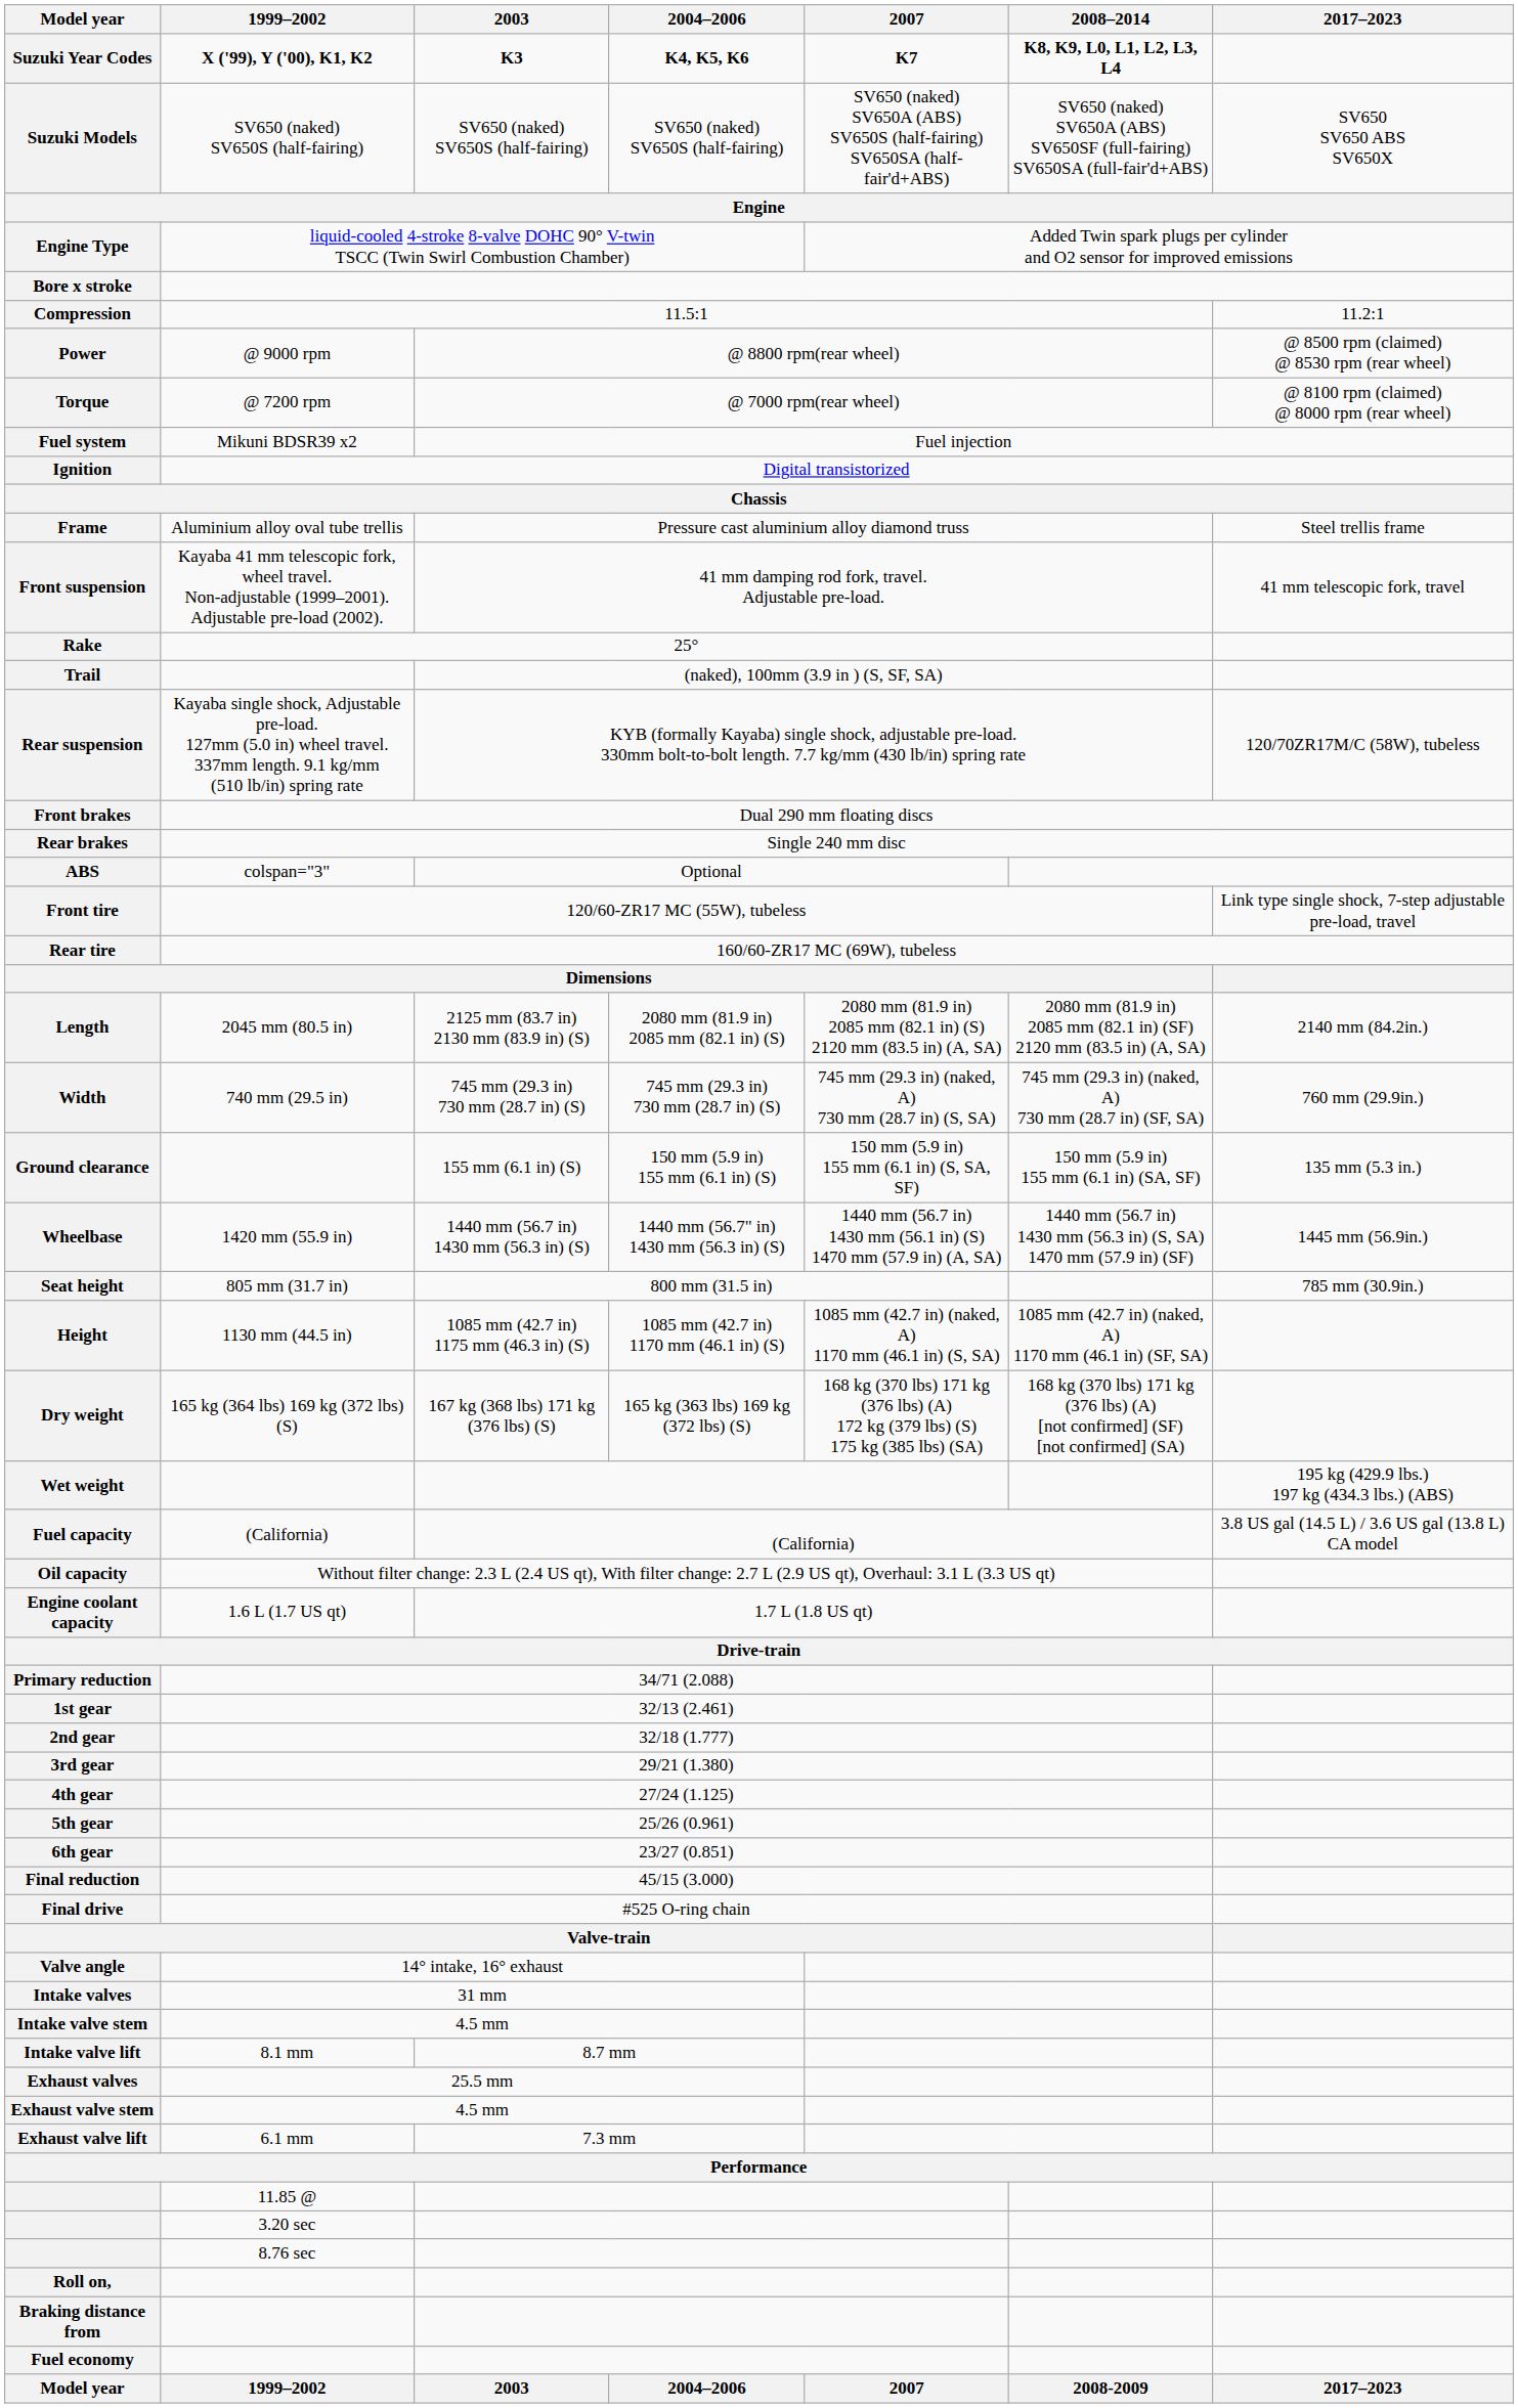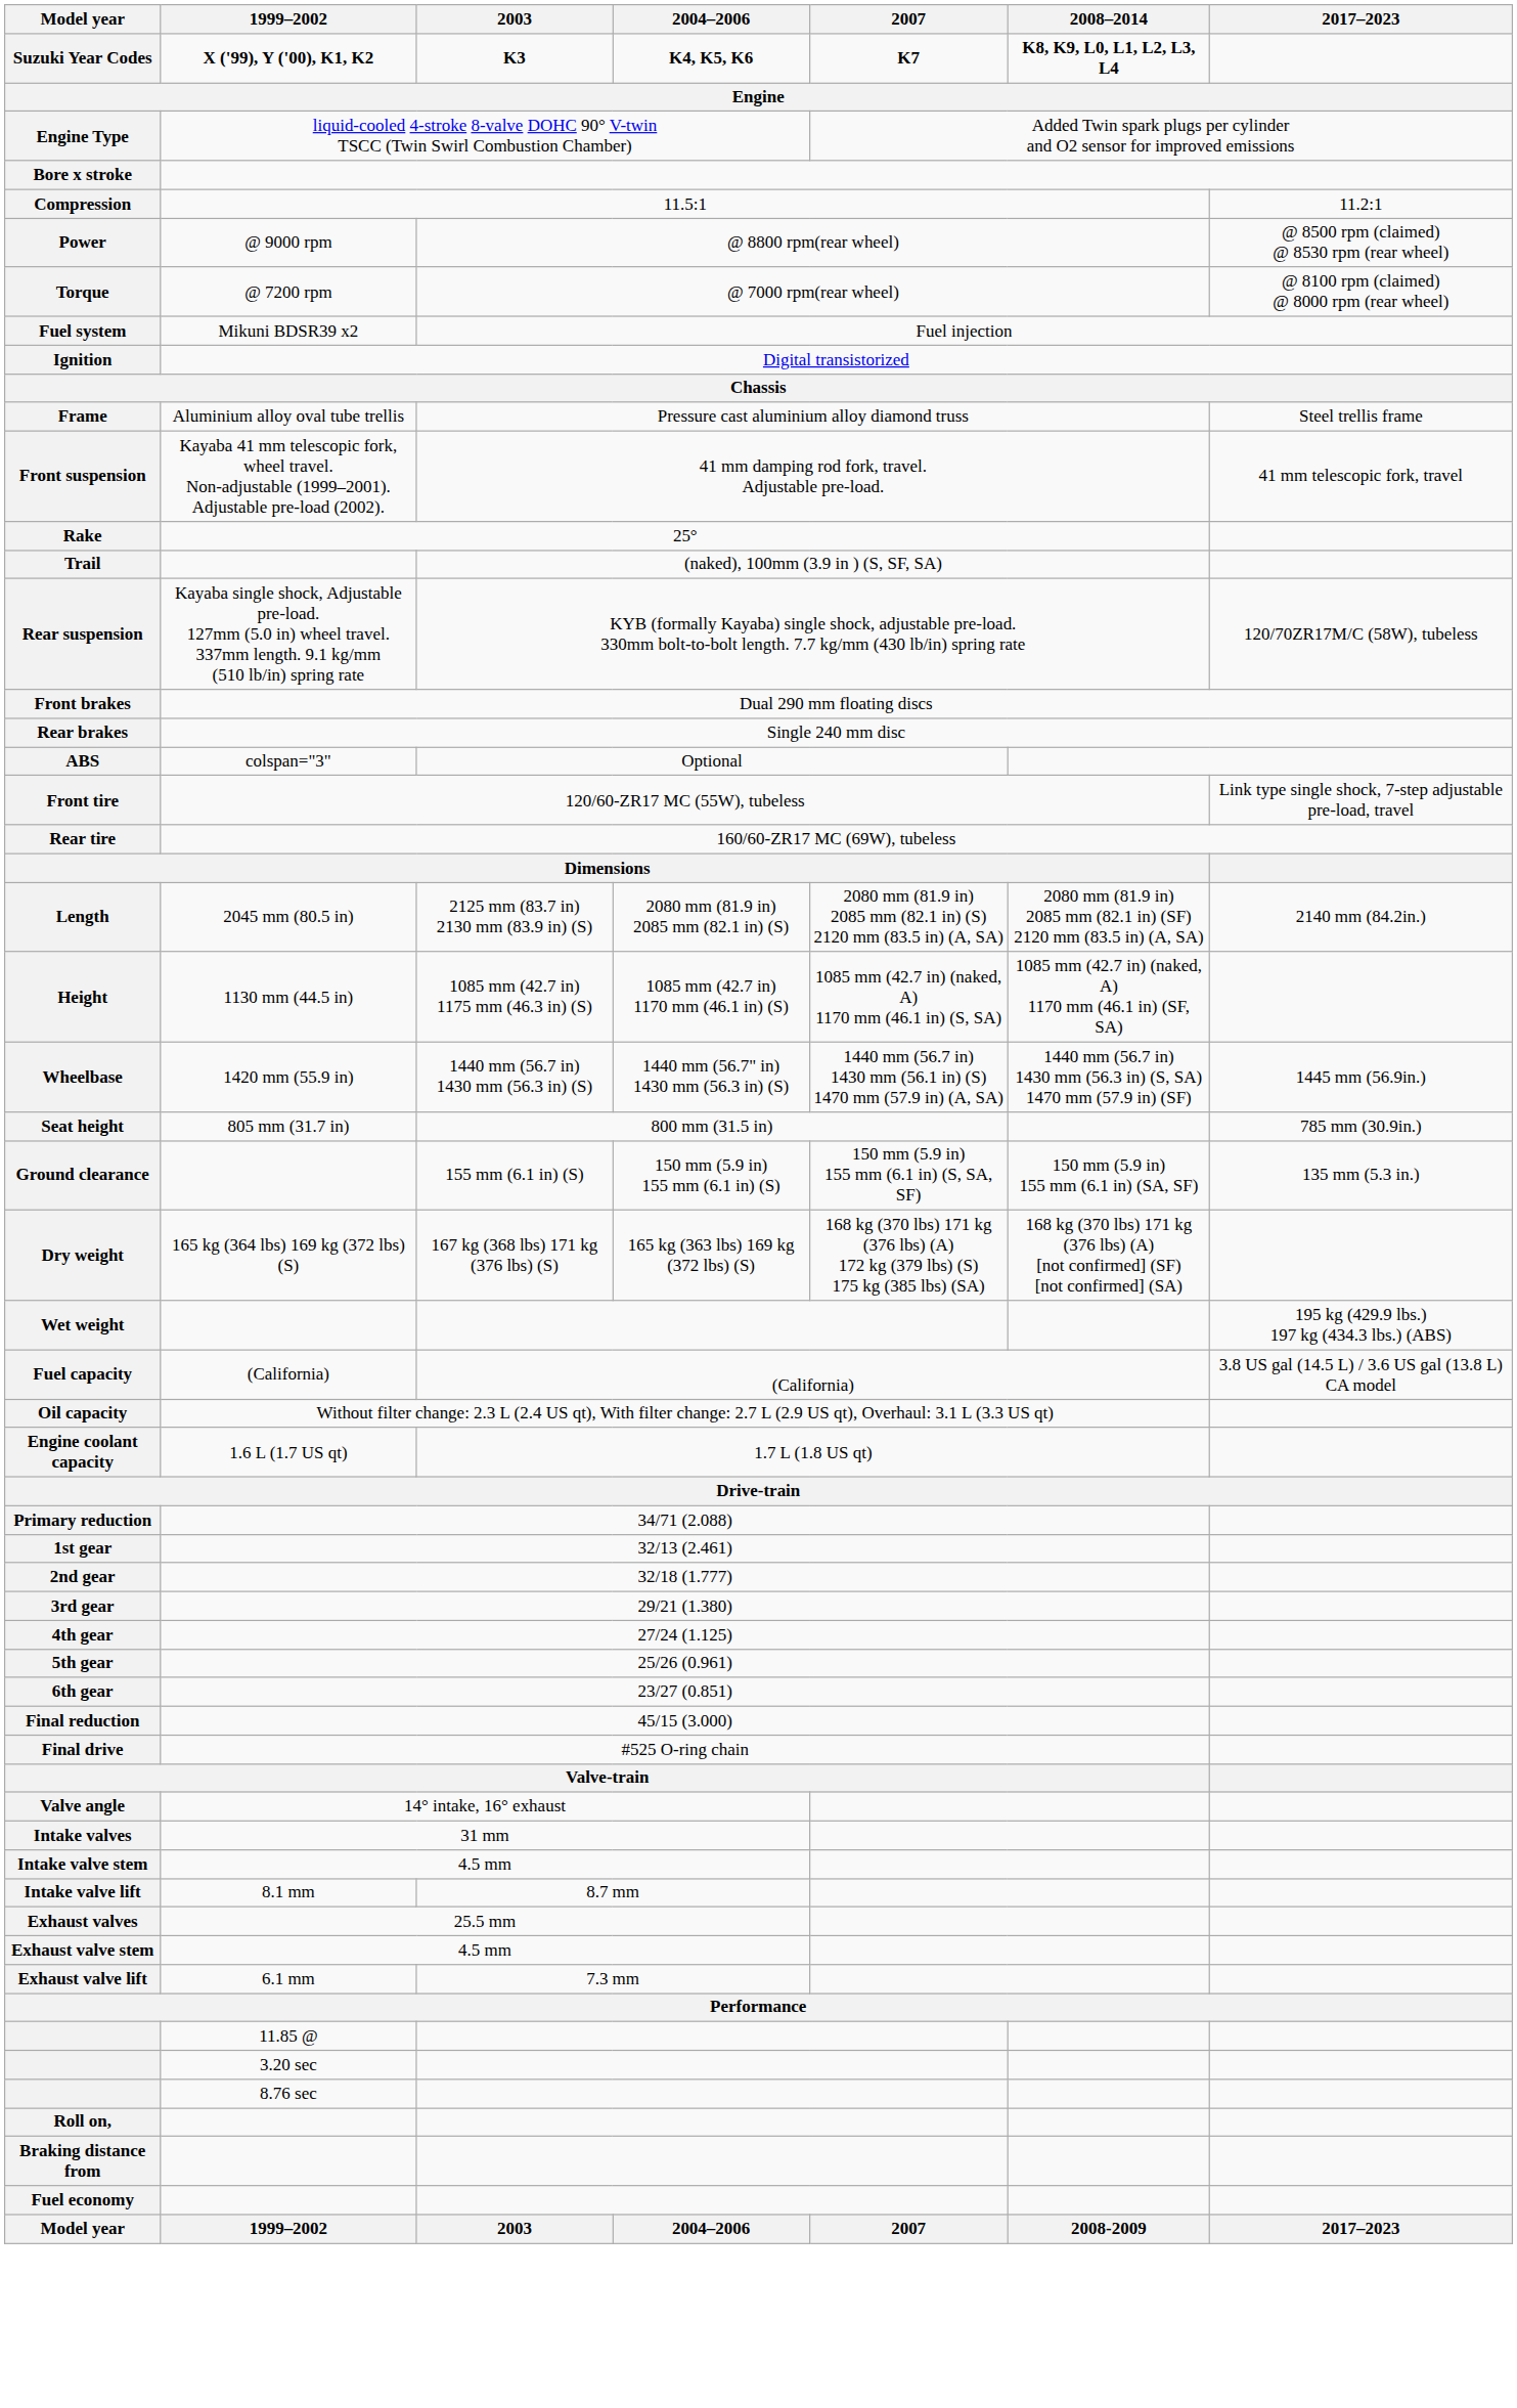 <table class="wikitable" style="text-align:center; font-size: 90%;">
 <tr>
 <th>Model year</th>
 <th>1999–2002</th>
 <th>2003</th>
 <th>2004–2006</th>
 <th>2007</th>
 <th>2008–2014</th>
 <th>2017–2023</th>
 </tr>
 <tr>
 <th>Suzuki Year Codes</th>
 <td><strong>X ('99), Y ('00), K1, K2</strong></td>
 <td><strong>K3</strong></td>
 <td><strong>K4, K5, K6</strong></td>
 <td><strong>K7</strong></td>
 <td><strong>K8, K9, L0, L1, L2, L3, L4</strong></td>
 <td></td>
-</tr>
-<tr>
-<th>Suzuki Models</th>
-<td>SV650 (naked)<br>SV650S (half-fairing)</td>
-<td>SV650 (naked)<br>SV650S (half-fairing)</td>
-<td>SV650 (naked)<br>SV650S (half-fairing)</td>
-<td>SV650 (naked)<br>SV650A (ABS)<br>SV650S (half-fairing)<br>SV650SA (half-fair'd+ABS)</td>
-<td>SV650 (naked)<br>SV650A (ABS)<br>SV650SF (full-fairing)<br>SV650SA (full-fair'd+ABS)</td>
-<td>SV650<br>SV650 ABS<br>SV650X</td>
 </tr>
 <tr>
 <th colspan="7">Engine</th>
 </tr>
 <tr>
 <th>Engine Type</th>
 <td colspan="3"> <a href='#'>liquid-cooled</a> <a href='#'>4-stroke</a> <a href='#'>8-valve</a> <a href='#'>DOHC</a> 90° <a href='#'>V-twin</a><br>TSCC (Twin Swirl Combustion Chamber)</td>
 <td colspan="3">Added Twin spark plugs per cylinder<br>and O2 sensor for improved emissions</td>
 </tr>
 <tr>
 <th>Bore x stroke</th>
 <td colspan="6"></td>
 </tr>
 <tr>
 <th>Compression</th>
 <td colspan="5">11.5:1</td>
 <td>11.2:1</td>
 </tr>
 <tr>
 <th>Power</th>
 <td> @ 9000 rpm</td>
 <td colspan="4"> @ 8800 rpm(rear wheel)</td>
 <td> @ 8500 rpm (claimed)<br> @ 8530 rpm (rear wheel)</td>
 </tr>
 <tr>
 <th>Torque</th>
 <td> @ 7200 rpm</td>
 <td colspan="4"> @ 7000 rpm(rear wheel)</td>
 <td>@ 8100 rpm (claimed)<br>@ 8000 rpm (rear wheel)</td>
 </tr>
 <tr>
 <th>Fuel system</th>
 <td>Mikuni BDSR39 x2</td>
 <td colspan="5">Fuel injection</td>
 </tr>
 <tr>
 <th>Ignition</th>
 <td colspan="6"><a href='#'>Digital transistorized</a></td>
 </tr>
 <tr>
 <th colspan="7">Chassis</th>
 </tr>
 <tr>
 <th>Frame</th>
 <td>Aluminium alloy oval tube trellis</td>
 <td colspan="4">Pressure cast aluminium alloy diamond truss</td>
 <td>Steel trellis frame</td>
 </tr>
 <tr>
 <th>Front suspension</th>
 <td>Kayaba 41 mm telescopic fork,  wheel travel.<br>Non-adjustable (1999–2001).<br>Adjustable pre-load (2002).</td>
 <td colspan="4">41 mm damping rod fork,  travel.<br>Adjustable pre-load.</td>
 <td>41 mm telescopic fork,  travel</td>
 </tr>
 <tr>
 <th>Rake</th>
 <td colspan="5">25°</td>
 <td></td>
 </tr>
 <tr>
 <th>Trail</th>
 <td></td>
 <td colspan="4"> (naked), 100mm (3.9 in ) (S, SF, SA)</td>
 <td></td>
 </tr>
 <tr>
 <th>Rear suspension</th>
 <td>Kayaba single shock, Adjustable pre-load.<br>127mm (5.0 in) wheel travel.<br>337mm length. 9.1 kg/mm (510 lb/in) spring rate</td>
 <td colspan="4">KYB (formally Kayaba) single shock, adjustable pre-load.<br>330mm bolt-to-bolt length. 7.7 kg/mm (430 lb/in) spring rate</td>
 <td>120/70ZR17M/C (58W), tubeless</td>
 </tr>
 <tr>
 <th>Front brakes</th>
 <td colspan="6">Dual 290 mm floating discs</td>
 </tr>
 <tr>
 <th>Rear brakes</th>
 <td colspan="6">Single 240 mm disc</td>
 </tr>
 <tr>
 <th>ABS</th>
 <td>colspan="3" </td>
 <td colspan="3">Optional</td>
 </tr>
 <tr>
 <th>Front tire</th>
 <td colspan="5">120/60-ZR17 MC (55W), tubeless</td>
 <td>Link type single shock, 7-step adjustable pre-load,  travel</td>
 </tr>
 <tr>
 <th>Rear tire</th>
 <td colspan="6">160/60-ZR17 MC (69W), tubeless</td>
 </tr>
 <tr>
 <th colspan="6">Dimensions</th>
 <th></th>
 </tr>
 <tr>
 <th>Length</th>
 <td>2045 mm (80.5 in)</td>
 <td>2125 mm (83.7 in)<br>2130 mm (83.9 in) (S)</td>
 <td>2080 mm (81.9 in)<br>2085 mm (82.1 in) (S)</td>
 <td>2080 mm (81.9 in)<br>2085 mm (82.1 in) (S)<br>2120 mm (83.5 in) (A, SA)</td>
 <td>2080 mm (81.9 in)<br>2085 mm (82.1 in) (SF)<br>2120 mm (83.5 in) (A, SA)</td>
 <td>2140 mm (84.2in.)</td>
 </tr>
 <tr>
-<th>Width</th>
-<td>740 mm (29.5 in)</td>
-<td>745 mm (29.3 in)<br>730 mm (28.7 in) (S)</td>
-<td>745 mm (29.3 in)<br>730 mm (28.7 in) (S)</td>
-<td>745 mm (29.3 in) (naked, A)<br>730 mm (28.7 in) (S, SA)</td>
-<td>745 mm (29.3 in) (naked, A)<br>730 mm (28.7 in) (SF, SA)</td>
-<td>760 mm (29.9in.)</td>
-</tr>
-<tr>
-<th>Ground clearance</th>
+<th>Height</th>
+<td>1130 mm (44.5 in)</td>
+<td>1085 mm (42.7 in)<br>1175 mm (46.3 in) (S)</td>
+<td>1085 mm (42.7 in)<br>1170 mm (46.1 in) (S)</td>
+<td>1085 mm (42.7 in) (naked, A)<br>1170 mm (46.1 in) (S, SA)</td>
+<td>1085 mm (42.7 in) (naked, A)<br>1170 mm (46.1 in) (SF, SA)</td>
 <td></td>
-<td>155 mm (6.1 in) (S)</td>
-<td>150 mm (5.9 in)<br>155 mm (6.1 in) (S)</td>
-<td>150 mm (5.9 in)<br>155 mm (6.1 in) (S, SA, SF)</td>
-<td>150 mm (5.9 in)<br>155 mm (6.1 in) (SA, SF)</td>
-<td>135 mm (5.3 in.)</td>
 </tr>
 <tr>
 <th>Wheelbase</th>
 <td>1420 mm (55.9 in)</td>
 <td>1440 mm (56.7 in)<br>1430 mm (56.3 in) (S)</td>
 <td>1440 mm (56.7" in)<br>1430 mm (56.3 in) (S)</td>
 <td>1440 mm (56.7 in)<br>1430 mm (56.1 in) (S)<br>1470 mm (57.9 in) (A, SA)</td>
 <td>1440 mm (56.7 in)<br>1430 mm (56.3 in) (S, SA)<br>1470 mm (57.9 in) (SF)</td>
 <td>1445 mm (56.9in.)</td>
 </tr>
 <tr>
 <th>Seat height</th>
 <td>805 mm (31.7 in)</td>
 <td colspan="3">800 mm (31.5 in)</td>
 <td></td>
 <td>785 mm (30.9in.)</td>
 </tr>
 <tr>
-<th>Height</th>
-<td>1130 mm (44.5 in)</td>
-<td>1085 mm (42.7 in)<br>1175 mm (46.3 in) (S)</td>
-<td>1085 mm (42.7 in)<br>1170 mm (46.1 in) (S)</td>
-<td>1085 mm (42.7 in) (naked, A)<br>1170 mm (46.1 in) (S, SA)</td>
-<td>1085 mm (42.7 in) (naked, A)<br>1170 mm (46.1 in) (SF, SA)</td>
+<th>Ground clearance</th>
 <td></td>
+<td>155 mm (6.1 in) (S)</td>
+<td>150 mm (5.9 in)<br>155 mm (6.1 in) (S)</td>
+<td>150 mm (5.9 in)<br>155 mm (6.1 in) (S, SA, SF)</td>
+<td>150 mm (5.9 in)<br>155 mm (6.1 in) (SA, SF)</td>
+<td>135 mm (5.3 in.)</td>
 </tr>
 <tr>
 <th>Dry weight</th>
 <td>165 kg (364 lbs) 169 kg (372 lbs) (S)</td>
 <td>167 kg (368 lbs) 171 kg (376 lbs) (S)</td>
 <td>165 kg (363 lbs) 169 kg (372 lbs) (S)</td>
 <td>168 kg (370 lbs) 171 kg (376 lbs) (A)<br>172 kg (379 lbs) (S)<br>175 kg (385 lbs) (SA)</td>
 <td>168 kg (370 lbs) 171 kg (376 lbs) (A)<br>[not confirmed] (SF)<br>[not confirmed] (SA)</td>
 <td></td>
 </tr>
 <tr>
 <th>Wet weight</th>
 <td></td>
 <td colspan = "3"></td>
 <td></td>
 <td>195 kg (429.9 lbs.)<br>197 kg (434.3 lbs.) (ABS)</td>
 </tr>
 <tr>
 <th>Fuel capacity</th>
 <td> (California)</td>
 <td colspan="4"><br> (California)</td>
 <td>3.8 US gal (14.5 L) / 3.6 US gal (13.8 L) CA model</td>
 </tr>
 <tr>
 <th>Oil capacity</th>
 <td colspan="5">Without filter change: 2.3 L (2.4 US qt), With filter change: 2.7 L (2.9 US qt), Overhaul: 3.1 L (3.3 US qt)</td>
 <td></td>
 </tr>
 <tr>
 <th>Engine coolant capacity</th>
 <td>1.6 L (1.7 US qt)</td>
 <td colspan="4">1.7 L (1.8 US qt) </td>
 <td></td>
 </tr>
 <tr>
 <th colspan="7">Drive-train</th>
 </tr>
 <tr>
 <th>Primary reduction</th>
 <td colspan="5">34/71 (2.088)</td>
 <td></td>
 </tr>
 <tr>
 <th>1st gear</th>
 <td colspan="5">32/13 (2.461)</td>
 <td></td>
 </tr>
 <tr>
 <th>2nd gear</th>
 <td colspan="5">32/18 (1.777)</td>
 <td></td>
 </tr>
 <tr>
 <th>3rd gear</th>
 <td colspan="5">29/21 (1.380)</td>
 <td></td>
 </tr>
 <tr>
 <th>4th gear</th>
 <td colspan="5">27/24 (1.125)</td>
 <td></td>
 </tr>
 <tr>
 <th>5th gear</th>
 <td colspan="5">25/26 (0.961)</td>
 <td></td>
 </tr>
 <tr>
 <th>6th gear</th>
 <td colspan="5">23/27 (0.851)</td>
 <td></td>
 </tr>
 <tr>
 <th>Final reduction</th>
 <td colspan="5">45/15 (3.000)</td>
 <td></td>
 </tr>
 <tr>
 <th>Final drive</th>
 <td colspan="5">#525 O-ring chain</td>
 <td></td>
 </tr>
 <tr>
 <th colspan="6">Valve-train</th>
 <th></th>
 </tr>
 <tr>
 <th>Valve angle</th>
 <td colspan="3">14° intake, 16° exhaust</td>
 <td colspan="2"></td>
 <td></td>
 </tr>
 <tr>
 <th>Intake valves</th>
 <td colspan="3">31 mm</td>
 <td colspan="2"></td>
 <td></td>
 </tr>
 <tr>
 <th>Intake valve stem</th>
 <td colspan="3">4.5 mm</td>
 <td colspan="2"></td>
 <td></td>
 </tr>
 <tr>
 <th>Intake valve lift</th>
 <td>8.1 mm</td>
 <td colspan="2">8.7 mm</td>
 <td colspan="2"></td>
 <td></td>
 </tr>
 <tr>
 <th>Exhaust valves</th>
 <td colspan="3">25.5 mm</td>
 <td colspan="2"></td>
 <td></td>
 </tr>
 <tr>
 <th>Exhaust valve stem</th>
 <td colspan="3">4.5 mm</td>
 <td colspan="2"></td>
 <td></td>
 </tr>
 <tr>
 <th>Exhaust valve lift</th>
 <td>6.1 mm</td>
 <td colspan="2">7.3 mm</td>
 <td colspan="2"></td>
 <td></td>
 </tr>
 <tr>
 <th colspan="7">Performance</th>
 </tr>
 <tr>
 <th></th>
 <td>11.85 @ </td>
 <td colspan="3"></td>
 <td></td>
 <td></td>
 </tr>
 <tr>
 <th></th>
 <td>3.20 sec</td>
 <td colspan="3"></td>
 <td></td>
 <td></td>
 </tr>
 <tr>
 <th></th>
 <td>8.76 sec</td>
 <td colspan="3"></td>
 <td></td>
 <td></td>
 </tr>
 <tr>
 <th>Roll on, </th>
 <td></td>
 <td colspan="3"></td>
 <td></td>
 <td></td>
 </tr>
 <tr>
 <th>Braking distance<br>from </th>
 <td></td>
 <td colspan="3"></td>
 <td></td>
 <td></td>
 </tr>
 <tr>
 <th>Fuel economy</th>
 <td></td>
 <td colspan="3"></td>
 <td></td>
 <td></td>
 </tr>
 <tr>
 <th>Model year</th>
 <th>1999–2002</th>
 <th>2003</th>
 <th>2004–2006</th>
 <th>2007</th>
 <th>2008-2009</th>
 <th>2017–2023</th>
 </tr>
 </table>
